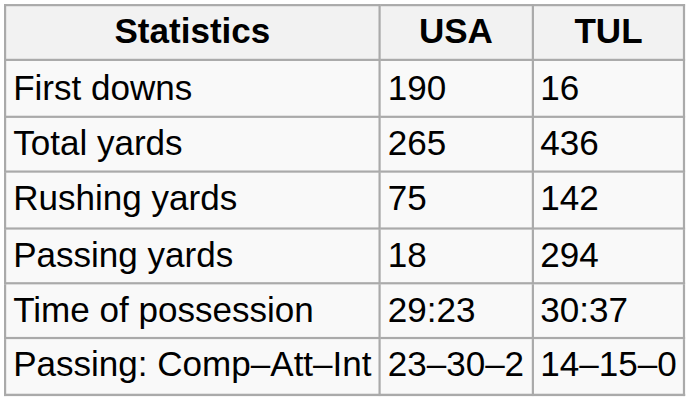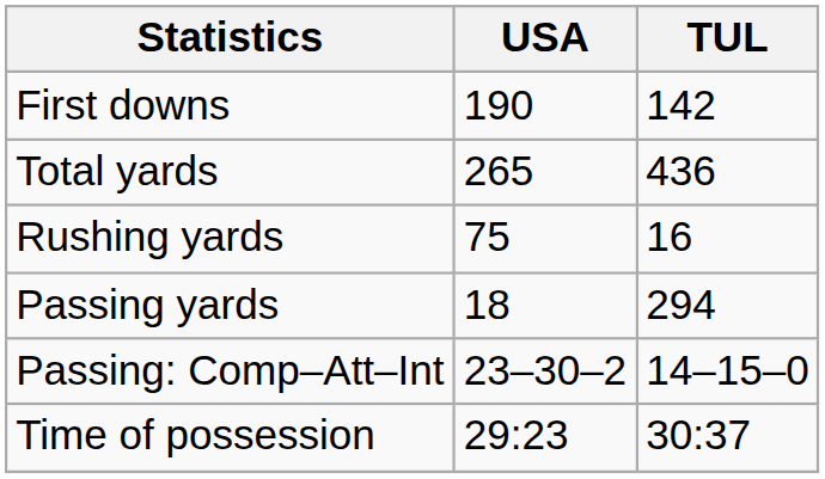 <table class="wikitable" style="float: left;">
 <tr>
 <th>Statistics</th>
 <th>USA</th>
 <th>TUL</th>
 </tr>
 <tr>
 <td>First downs</td>
 <td>190</td>
-<td>16</td>
+<td>142</td>
 </tr>
 <tr>
 <td>Total yards</td>
 <td>265</td>
 <td>436</td>
 </tr>
 <tr>
 <td>Rushing yards</td>
 <td>75</td>
-<td>142</td>
+<td>16</td>
 </tr>
 <tr>
 <td>Passing yards</td>
 <td>18</td>
 <td>294</td>
 </tr>
 <tr>
+<td>Passing: Comp–Att–Int</td>
+<td>23–30–2</td>
+<td>14–15–0</td>
+</tr>
+<tr>
 <td>Time of possession</td>
 <td>29:23</td>
 <td>30:37</td>
 </tr>
 <tr>
-<td>Passing: Comp–Att–Int</td>
-<td>23–30–2</td>
-<td>14–15–0</td>
-</tr>
-<tr>
 </tr>
 </table>
